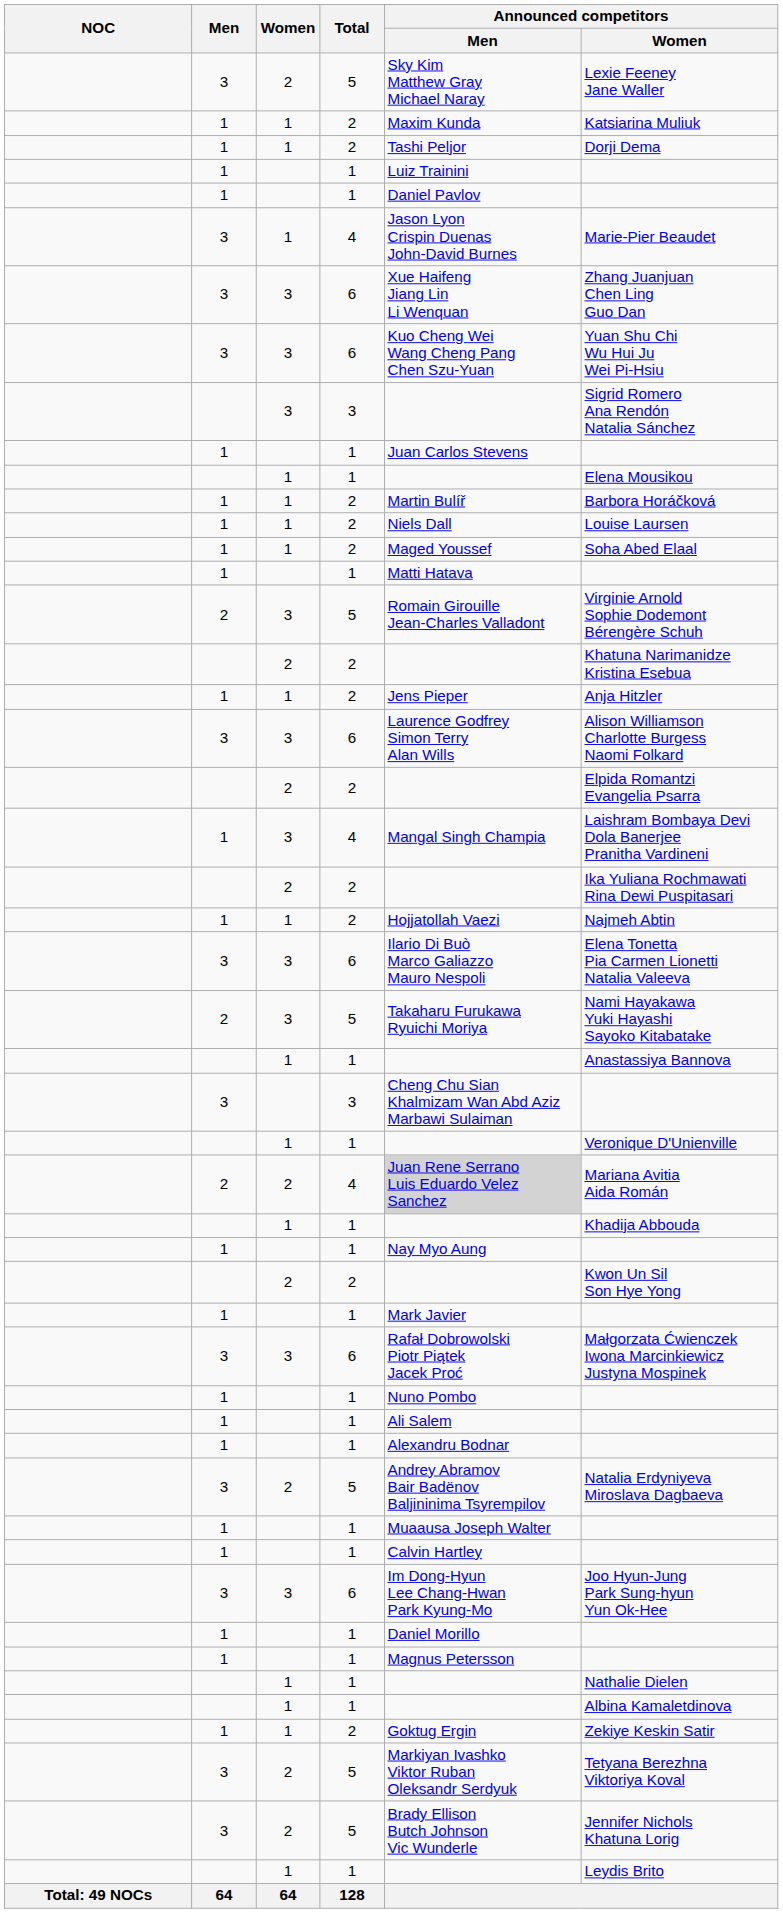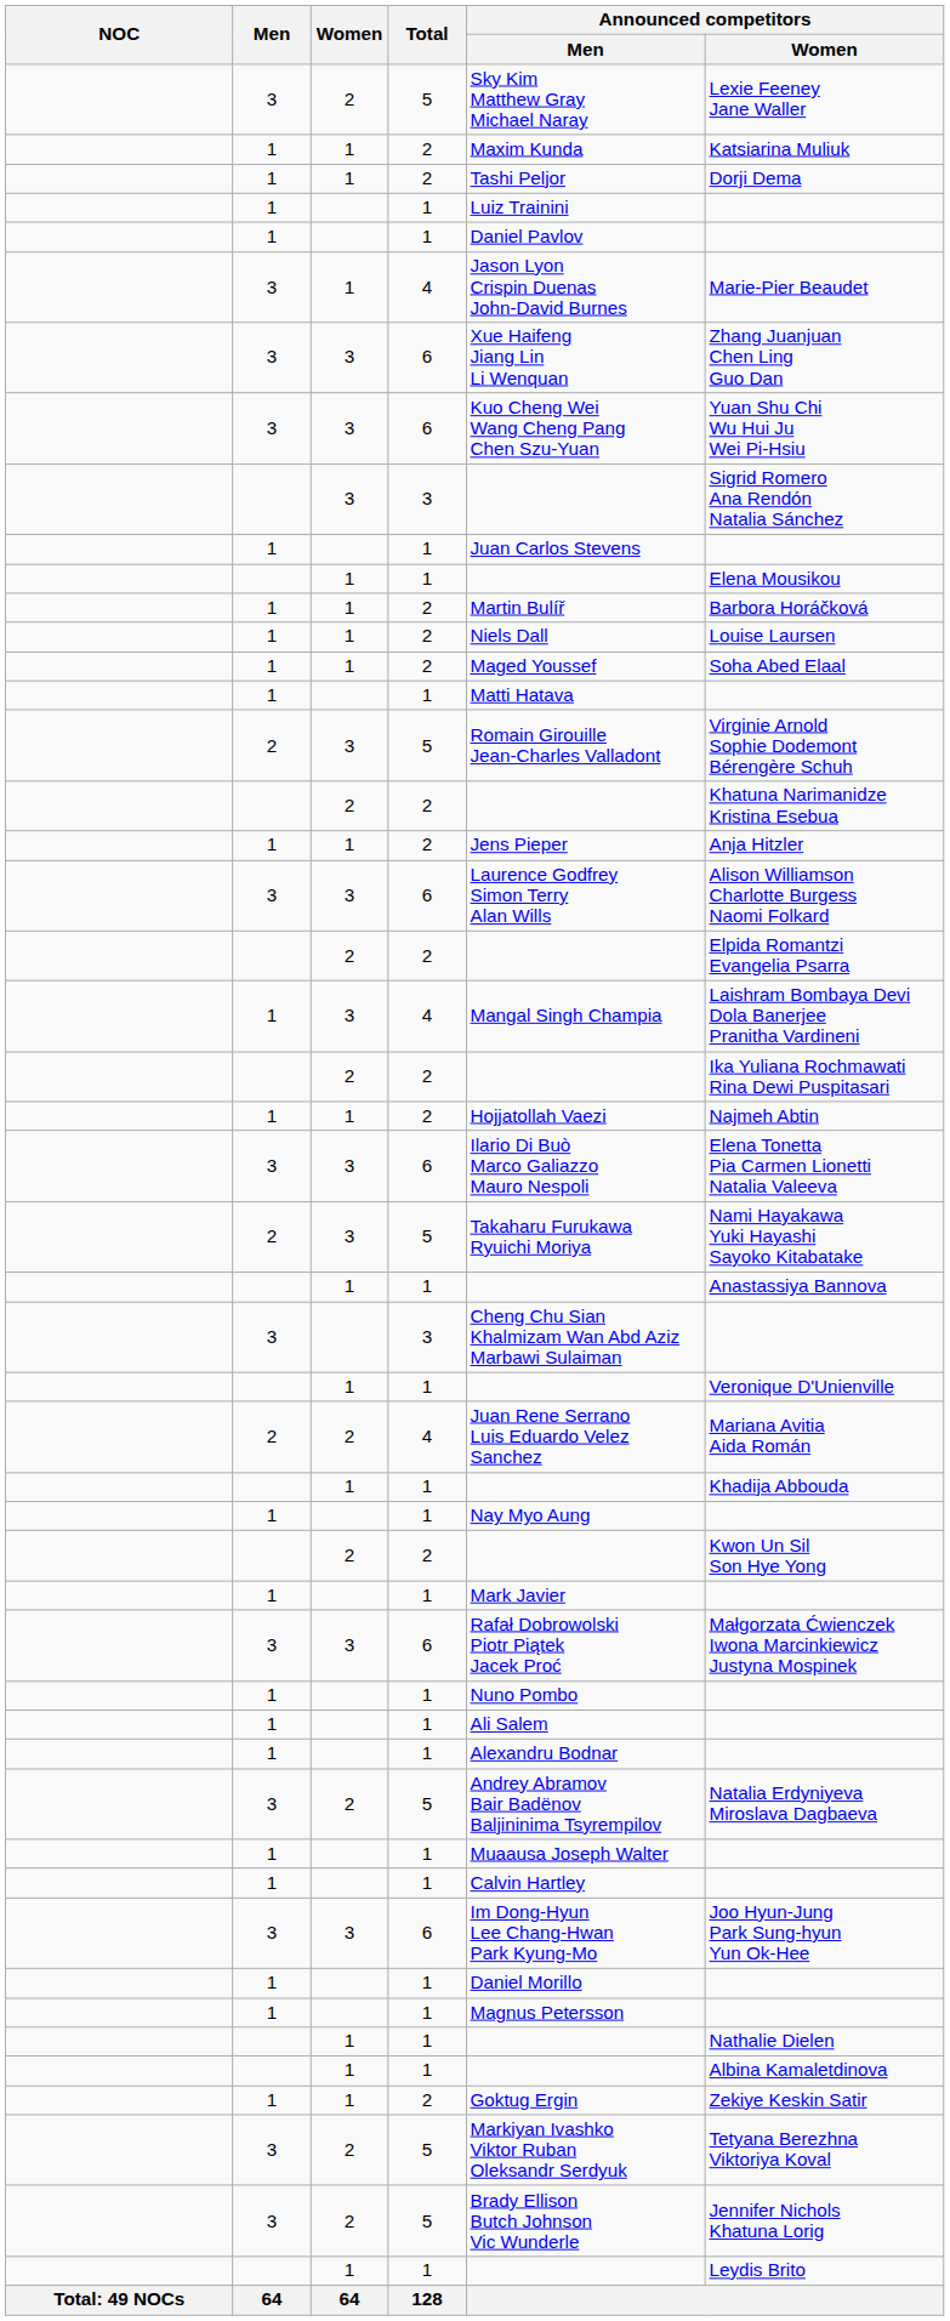 <table class=wikitable>
 <tr>
 <th rowspan=2 width=190>NOC</th>
 <th rowspan=2 width=60>Men</th>
 <th rowspan=2 width=60>Women</th>
 <th rowspan=2 width=60>Total</th>
 <th colspan=2>Announced competitors</th>
 </tr>
 <tr>
 <th width=200>Men</th>
 <th width=200>Women</th>
 </tr>
 <tr>
 <td></td>
 <td align=center>3</td>
 <td align=center>2</td>
 <td align=center>5</td>
 <td><a href='#'>Sky Kim</a><br><a href='#'>Matthew Gray</a><br><a href='#'>Michael Naray</a></td>
 <td><a href='#'>Lexie Feeney</a><br><a href='#'>Jane Waller</a></td>
 </tr>
 <tr>
 <td></td>
 <td align=center>1</td>
 <td align=center>1</td>
 <td align=center>2</td>
 <td><a href='#'>Maxim Kunda</a></td>
 <td><a href='#'>Katsiarina Muliuk</a></td>
 </tr>
 <tr>
 <td></td>
 <td align=center>1</td>
 <td align=center>1</td>
 <td align=center>2</td>
 <td><a href='#'>Tashi Peljor</a></td>
 <td><a href='#'>Dorji Dema</a></td>
 </tr>
 <tr>
 <td></td>
 <td align=center>1</td>
 <td align=center></td>
 <td align=center>1</td>
 <td><a href='#'>Luiz Trainini</a></td>
 <td></td>
 </tr>
 <tr>
 <td></td>
 <td align=center>1</td>
 <td align=center></td>
 <td align=center>1</td>
 <td><a href='#'>Daniel Pavlov</a></td>
 <td></td>
 </tr>
 <tr>
 <td></td>
 <td align=center>3</td>
 <td align=center>1</td>
 <td align=center>4</td>
 <td><a href='#'>Jason Lyon</a><br><a href='#'>Crispin Duenas</a><br><a href='#'>John-David Burnes</a></td>
 <td><a href='#'>Marie-Pier Beaudet</a></td>
 </tr>
 <tr>
 <td></td>
 <td align=center>3</td>
 <td align=center>3</td>
 <td align=center>6</td>
 <td><a href='#'>Xue Haifeng</a><br><a href='#'>Jiang Lin</a><br><a href='#'>Li Wenquan</a></td>
 <td><a href='#'>Zhang Juanjuan</a><br><a href='#'>Chen Ling</a><br><a href='#'>Guo Dan</a></td>
 </tr>
 <tr>
 <td></td>
 <td align=center>3</td>
 <td align=center>3</td>
 <td align=center>6</td>
 <td><a href='#'>Kuo Cheng Wei</a><br><a href='#'>Wang Cheng Pang</a><br><a href='#'>Chen Szu-Yuan</a></td>
 <td><a href='#'>Yuan Shu Chi</a><br><a href='#'>Wu Hui Ju</a><br><a href='#'>Wei Pi-Hsiu</a></td>
 </tr>
 <tr>
 <td></td>
 <td align=center></td>
 <td align=center>3</td>
 <td align=center>3</td>
 <td></td>
 <td><a href='#'>Sigrid Romero</a><br><a href='#'>Ana Rendón</a><br><a href='#'>Natalia Sánchez</a></td>
 </tr>
 <tr>
 <td></td>
 <td align=center>1</td>
 <td align=center></td>
 <td align=center>1</td>
 <td><a href='#'>Juan Carlos Stevens</a></td>
 <td></td>
 </tr>
 <tr>
 <td></td>
 <td align=center></td>
 <td align=center>1</td>
 <td align=center>1</td>
 <td></td>
 <td><a href='#'>Elena Mousikou</a></td>
 </tr>
 <tr>
 <td></td>
 <td align=center>1</td>
 <td align=center>1</td>
 <td align=center>2</td>
 <td><a href='#'>Martin Bulíř</a></td>
 <td><a href='#'>Barbora Horáčková</a></td>
 </tr>
 <tr>
 <td></td>
 <td align=center>1</td>
 <td align=center>1</td>
 <td align=center>2</td>
 <td><a href='#'>Niels Dall</a></td>
 <td><a href='#'>Louise Laursen</a></td>
 </tr>
 <tr>
 <td></td>
 <td align=center>1</td>
 <td align=center>1</td>
 <td align=center>2</td>
 <td><a href='#'>Maged Youssef</a></td>
 <td><a href='#'>Soha Abed Elaal</a></td>
 </tr>
 <tr>
 <td></td>
 <td align=center>1</td>
 <td align=center></td>
 <td align=center>1</td>
 <td><a href='#'>Matti Hatava</a></td>
 <td></td>
 </tr>
 <tr>
 <td></td>
 <td align=center>2</td>
 <td align=center>3</td>
 <td align=center>5</td>
 <td><a href='#'>Romain Girouille</a><br><a href='#'>Jean-Charles Valladont</a></td>
 <td><a href='#'>Virginie Arnold</a><br><a href='#'>Sophie Dodemont</a><br><a href='#'>Bérengère Schuh</a></td>
 </tr>
 <tr>
 <td></td>
 <td align=center></td>
 <td align=center>2</td>
 <td align=center>2</td>
 <td></td>
 <td><a href='#'>Khatuna Narimanidze</a><br><a href='#'>Kristina Esebua</a></td>
 </tr>
 <tr>
 <td></td>
 <td align=center>1</td>
 <td align=center>1</td>
 <td align=center>2</td>
 <td><a href='#'>Jens Pieper</a></td>
 <td><a href='#'>Anja Hitzler</a></td>
 </tr>
 <tr>
 <td></td>
 <td align=center>3</td>
 <td align=center>3</td>
 <td align=center>6</td>
 <td><a href='#'>Laurence Godfrey</a><br><a href='#'>Simon Terry</a><br><a href='#'>Alan Wills</a></td>
 <td><a href='#'>Alison Williamson</a><br><a href='#'>Charlotte Burgess</a><br><a href='#'>Naomi Folkard</a></td>
 </tr>
 <tr>
 <td></td>
 <td align=center></td>
 <td align=center>2</td>
 <td align=center>2</td>
 <td></td>
 <td><a href='#'>Elpida Romantzi</a><br><a href='#'>Evangelia Psarra</a></td>
 </tr>
 <tr>
 <td></td>
 <td align=center>1</td>
 <td align=center>3</td>
 <td align=center>4</td>
 <td><a href='#'>Mangal Singh Champia</a></td>
 <td><a href='#'>Laishram Bombaya Devi</a><br><a href='#'>Dola Banerjee</a><br><a href='#'>Pranitha Vardineni</a></td>
 </tr>
 <tr>
 <td></td>
 <td align=center></td>
 <td align=center>2</td>
 <td align=center>2</td>
 <td></td>
 <td><a href='#'>Ika Yuliana Rochmawati</a><br> <a href='#'>Rina Dewi Puspitasari</a></td>
 </tr>
 <tr>
 <td></td>
 <td align=center>1</td>
 <td align=center>1</td>
 <td align=center>2</td>
 <td><a href='#'>Hojjatollah Vaezi</a></td>
 <td><a href='#'>Najmeh Abtin</a></td>
 </tr>
 <tr>
 <td></td>
 <td align=center>3</td>
 <td align=center>3</td>
 <td align=center>6</td>
 <td><a href='#'>Ilario Di Buò</a><br><a href='#'>Marco Galiazzo</a><br><a href='#'>Mauro Nespoli</a></td>
 <td><a href='#'>Elena Tonetta</a><br><a href='#'>Pia Carmen Lionetti</a><br><a href='#'>Natalia Valeeva</a></td>
 </tr>
 <tr>
 <td></td>
 <td align=center>2</td>
 <td align=center>3</td>
 <td align=center>5</td>
 <td><a href='#'>Takaharu Furukawa</a><br><a href='#'>Ryuichi Moriya</a></td>
 <td><a href='#'>Nami Hayakawa</a><br><a href='#'>Yuki Hayashi</a><br><a href='#'>Sayoko Kitabatake</a></td>
 </tr>
 <tr>
 <td></td>
 <td align=center></td>
 <td align=center>1</td>
 <td align=center>1</td>
 <td></td>
 <td><a href='#'>Anastassiya Bannova</a></td>
 </tr>
 <tr>
 <td></td>
 <td align=center>3</td>
 <td align=center></td>
 <td align=center>3</td>
 <td><a href='#'>Cheng Chu Sian</a><br><a href='#'>Khalmizam Wan Abd Aziz</a><br><a href='#'>Marbawi Sulaiman</a></td>
 <td></td>
 </tr>
 <tr>
 <td></td>
 <td align=center></td>
 <td align=center>1</td>
 <td align=center>1</td>
 <td></td>
 <td><a href='#'>Veronique D'Unienville</a></td>
 </tr>
 <tr>
 <td></td>
 <td align=center>2</td>
 <td align=center>2</td>
 <td align=center>4</td>
-<td style="background: lightgrey;"><a href='#'>Juan Rene Serrano</a><br><a href='#'>Luis Eduardo Velez Sanchez</a></td>
+<td><a href='#'>Juan Rene Serrano</a><br><a href='#'>Luis Eduardo Velez Sanchez</a></td>
 <td><a href='#'>Mariana Avitia</a><br><a href='#'>Aida Román</a></td>
 </tr>
 <tr>
 <td></td>
 <td align=center></td>
 <td align=center>1</td>
 <td align=center>1</td>
 <td></td>
 <td><a href='#'>Khadija Abbouda</a></td>
 </tr>
 <tr>
 <td></td>
 <td align=center>1</td>
 <td align=center></td>
 <td align=center>1</td>
 <td><a href='#'>Nay Myo Aung</a></td>
 <td></td>
 </tr>
 <tr>
 <td></td>
 <td align=center></td>
 <td align=center>2</td>
 <td align=center>2</td>
 <td></td>
 <td><a href='#'>Kwon Un Sil</a><br><a href='#'>Son Hye Yong</a></td>
 </tr>
 <tr>
 <td></td>
 <td align=center>1</td>
 <td align=center></td>
 <td align=center>1</td>
 <td><a href='#'>Mark Javier</a></td>
 <td></td>
 </tr>
 <tr>
 <td></td>
 <td align=center>3</td>
 <td align=center>3</td>
 <td align=center>6</td>
 <td><a href='#'>Rafał Dobrowolski</a><br><a href='#'>Piotr Piątek</a><br><a href='#'>Jacek Proć</a></td>
 <td><a href='#'>Małgorzata Ćwienczek</a><br><a href='#'>Iwona Marcinkiewicz</a><br><a href='#'>Justyna Mospinek</a></td>
 </tr>
 <tr>
 <td></td>
 <td align=center>1</td>
 <td align=center></td>
 <td align=center>1</td>
 <td><a href='#'>Nuno Pombo</a></td>
 <td></td>
 </tr>
 <tr>
 <td></td>
 <td align=center>1</td>
 <td align=center></td>
 <td align=center>1</td>
 <td><a href='#'>Ali Salem</a></td>
 <td></td>
 </tr>
 <tr>
 <td></td>
 <td align=center>1</td>
 <td align=center></td>
 <td align=center>1</td>
 <td><a href='#'>Alexandru Bodnar</a></td>
 <td></td>
 </tr>
 <tr>
 <td></td>
 <td align=center>3</td>
 <td align=center>2</td>
 <td align=center>5</td>
 <td><a href='#'>Andrey Abramov</a><br> <a href='#'>Bair Badënov</a><br> <a href='#'>Baljininima Tsyrempilov</a></td>
 <td><a href='#'>Natalia Erdyniyeva</a><br> <a href='#'>Miroslava Dagbaeva</a></td>
 </tr>
 <tr>
 <td></td>
 <td align=center>1</td>
 <td align=center></td>
 <td align=center>1</td>
 <td><a href='#'>Muaausa Joseph Walter</a></td>
 <td></td>
 </tr>
 <tr>
 <td></td>
 <td align=center>1</td>
 <td align=center></td>
 <td align=center>1</td>
 <td><a href='#'>Calvin Hartley</a></td>
 <td></td>
 </tr>
 <tr>
 <td></td>
 <td align=center>3</td>
 <td align=center>3</td>
 <td align=center>6</td>
 <td><a href='#'>Im Dong-Hyun</a><br><a href='#'>Lee Chang-Hwan</a><br><a href='#'>Park Kyung-Mo</a></td>
 <td><a href='#'>Joo Hyun-Jung</a><br><a href='#'>Park Sung-hyun</a><br><a href='#'>Yun Ok-Hee</a></td>
 </tr>
 <tr>
 <td></td>
 <td align=center>1</td>
 <td align=center></td>
 <td align=center>1</td>
 <td><a href='#'>Daniel Morillo</a></td>
 <td></td>
 </tr>
 <tr>
 <td></td>
 <td align=center>1</td>
 <td align=center></td>
 <td align=center>1</td>
 <td><a href='#'>Magnus Petersson</a></td>
 <td></td>
 </tr>
 <tr>
 <td></td>
 <td align=center></td>
 <td align=center>1</td>
 <td align=center>1</td>
 <td></td>
 <td><a href='#'>Nathalie Dielen</a></td>
 </tr>
 <tr>
 <td></td>
 <td align=center></td>
 <td align=center>1</td>
 <td align=center>1</td>
 <td></td>
 <td><a href='#'>Albina Kamaletdinova</a></td>
 </tr>
 <tr>
 <td></td>
 <td align=center>1</td>
 <td align=center>1</td>
 <td align=center>2</td>
 <td><a href='#'>Goktug Ergin</a></td>
 <td><a href='#'>Zekiye Keskin Satir</a></td>
 </tr>
 <tr>
 <td></td>
 <td align=center>3</td>
 <td align=center>2</td>
 <td align=center>5</td>
 <td><a href='#'>Markiyan Ivashko</a><br><a href='#'>Viktor Ruban</a><br><a href='#'>Oleksandr Serdyuk</a></td>
 <td><a href='#'>Tetyana Berezhna</a><br><a href='#'>Viktoriya Koval</a></td>
 </tr>
 <tr>
 <td></td>
 <td align=center>3</td>
 <td align=center>2</td>
 <td align=center>5</td>
 <td><a href='#'>Brady Ellison</a><br><a href='#'>Butch Johnson</a><br><a href='#'>Vic Wunderle</a></td>
 <td><a href='#'>Jennifer Nichols</a><br><a href='#'>Khatuna Lorig</a></td>
 </tr>
 <tr>
 <td></td>
 <td align=center></td>
 <td align=center>1</td>
 <td align=center>1</td>
 <td></td>
 <td><a href='#'>Leydis Brito</a></td>
 </tr>
 <tr>
 <th>Total: 49 NOCs</th>
 <th>64</th>
 <th>64</th>
 <th>128</th>
 <th colspan=2></th>
 </tr>
 </table>
